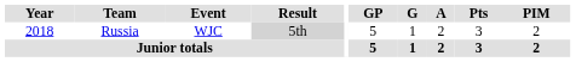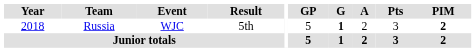 <table border="0" cellpadding="1" cellspacing="0" ID="Table3" style="text-align:center; width:40em">
 <tr ALIGN="center" bgcolor="#e0e0e0">
 <th>Year</th>
 <th>Team</th>
 <th>Event</th>
 <th>Result</th>
 <th rowspan="99" bgcolor="#ffffff"></th>
 <th>GP</th>
 <th>G</th>
 <th>A</th>
 <th>Pts</th>
 <th>PIM</th>
 </tr>
 <tr>
 <td><a href='#'>2018</a></td>
 <td><a href='#'>Russia</a></td>
 <td><a href='#'>WJC</a></td>
-<td style="background: lightgrey;">5th</td>
+<td>5th</td>
 <td>5</td>
-<td>1</td>
+<td><strong>1</strong></td>
 <td>2</td>
 <td>3</td>
-<td>2</td>
+<td><strong>2</strong></td>
 </tr>
 <tr ALIGN="center" bgcolor="#e0e0e0">
 <th colspan=4>Junior totals</th>
 <th>5</th>
 <th>1</th>
 <th>2</th>
 <th>3</th>
 <th>2</th>
 </tr>
 </table>
